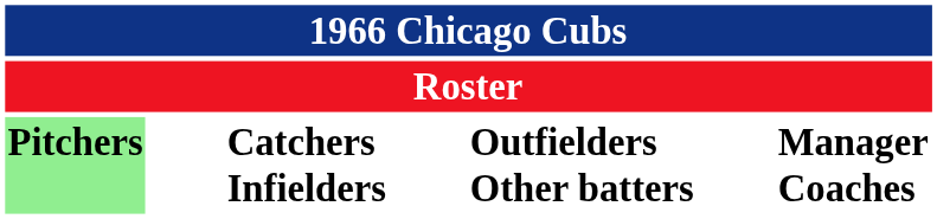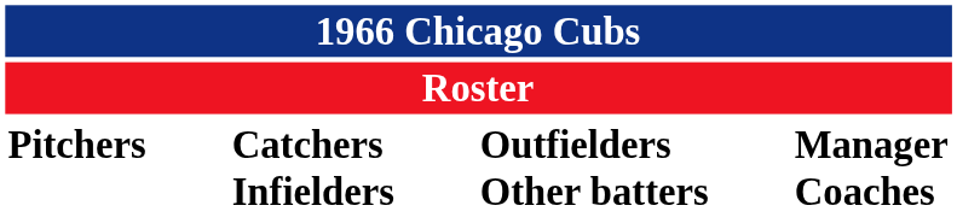 <table class="toccolours" style="font-size: 95%;">
 <tr>
 <th colspan="10" style="background-color: #0e3386; color: white; text-align: center;">1966 Chicago Cubs</th>
 </tr>
 <tr>
 <td colspan="10" style="background-color: #EE1422; color: white; text-align: center;"><strong>Roster</strong></td>
 </tr>
 <tr>
-<td valign="top" style="background: lightgreen;"><strong>Pitchers</strong><br>                      </td>
+<td valign="top"><strong>Pitchers</strong><br>                      </td>
 <td width="25px"></td>
 <td valign="top"><strong>Catchers</strong><br>   <strong>Infielders</strong>          </td>
 <td width="25px"></td>
 <td valign="top"><strong>Outfielders</strong><br>            <strong>Other batters</strong> </td>
 <td width="25px"></td>
 <td valign="top"><strong>Manager</strong><br> <strong>Coaches</strong>    </td>
 </tr>
 <tr>
 </tr>
 </table>
